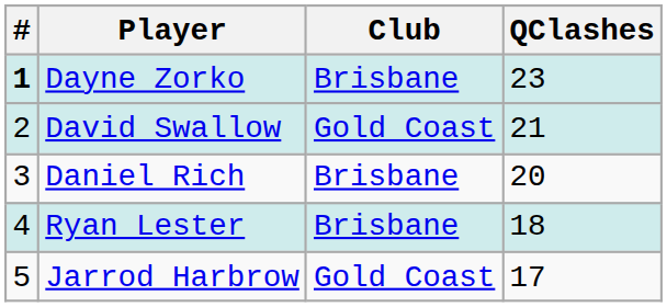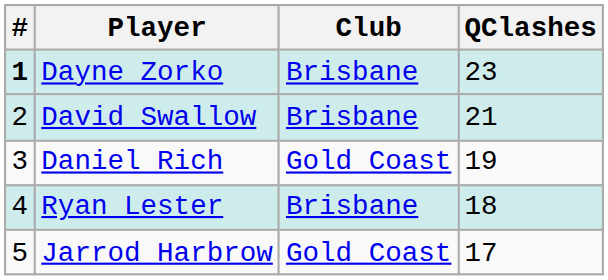 <table class="wikitable">
 <tr>
 <th>#</th>
 <th>Player</th>
 <th>Club</th>
 <th>QClashes</th>
 </tr>
 <tr style="text-align:left; background:#cfecec;">
 <td><strong>1</strong></td>
 <td> <a href='#'>Dayne Zorko</a></td>
 <td><a href='#'>Brisbane</a></td>
 <td>23</td>
 </tr>
 <tr style="text-align:left; background:#cfecec;">
 <td>2</td>
 <td> <a href='#'>David Swallow</a></td>
-<td><a href='#'>Gold Coast</a></td>
+<td><a href='#'>Brisbane</a></td>
 <td>21</td>
 </tr>
 <tr>
 <td>3</td>
 <td> <a href='#'>Daniel Rich</a></td>
-<td><a href='#'>Brisbane</a></td>
-<td>20</td>
+<td><a href='#'>Gold Coast</a></td>
+<td>19</td>
 </tr>
 <tr style="text-align:left; background:#cfecec;">
 <td>4</td>
 <td> <a href='#'>Ryan Lester</a></td>
 <td><a href='#'>Brisbane</a></td>
 <td>18</td>
 </tr>
 <tr>
 <td>5</td>
 <td> <a href='#'>Jarrod Harbrow</a></td>
 <td><a href='#'>Gold Coast</a></td>
 <td>17</td>
 </tr>
 </table>
